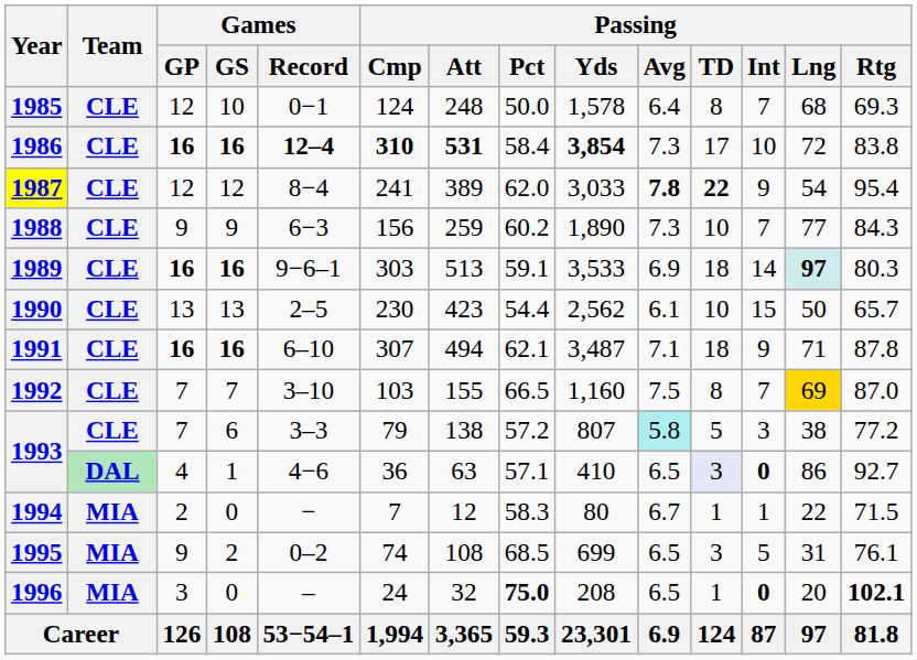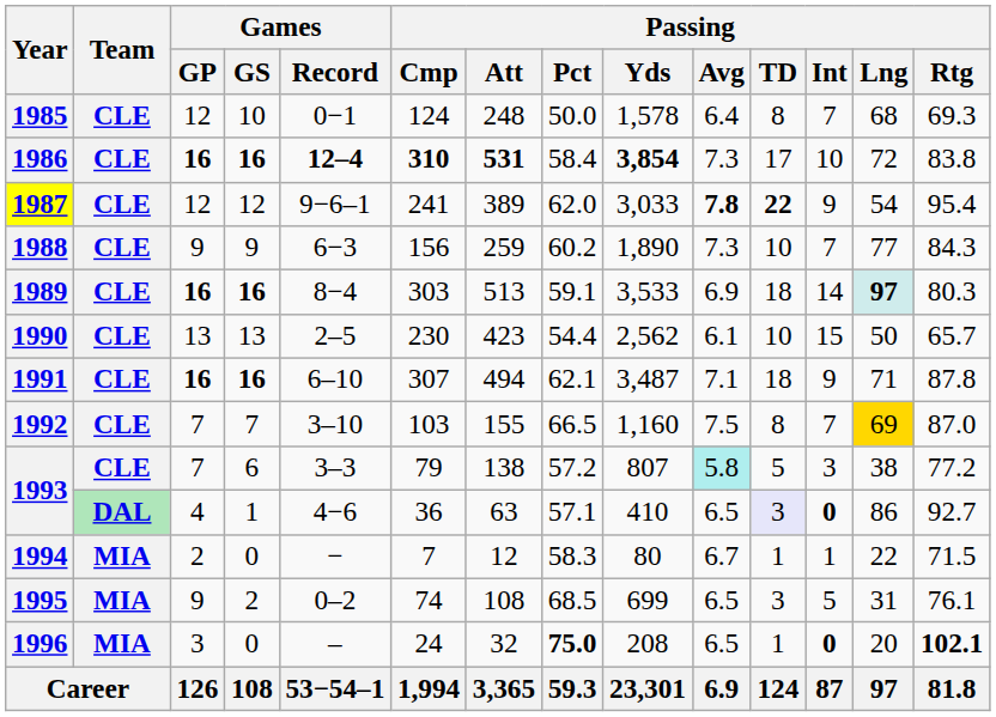 <table class="wikitable" style="text-align:center">
 <tr>
 <th rowspan="2">Year</th>
 <th rowspan="2">Team</th>
 <th colspan="3">Games</th>
 <th colspan="9">Passing</th>
 </tr>
 <tr>
 <th>GP</th>
 <th>GS</th>
 <th>Record</th>
 <th>Cmp</th>
 <th>Att</th>
 <th>Pct</th>
 <th>Yds</th>
 <th>Avg</th>
 <th>TD</th>
 <th>Int</th>
 <th>Lng</th>
 <th>Rtg</th>
 </tr>
 <tr>
 <th><a href='#'>1985</a></th>
 <th><a href='#'>CLE</a></th>
 <td>12</td>
 <td>10</td>
 <td>0−1</td>
 <td>124</td>
 <td>248</td>
 <td>50.0</td>
 <td>1,578</td>
 <td>6.4</td>
 <td>8</td>
 <td>7</td>
 <td>68</td>
 <td>69.3</td>
 </tr>
 <tr>
 <th><a href='#'>1986</a></th>
 <th><a href='#'>CLE</a></th>
 <td><strong>16</strong></td>
 <td><strong>16</strong></td>
 <td><strong>12–4</strong></td>
 <td><strong>310</strong></td>
 <td><strong>531</strong></td>
 <td>58.4</td>
 <td><strong>3,854</strong></td>
 <td>7.3</td>
 <td>17</td>
 <td>10</td>
 <td>72</td>
 <td>83.8</td>
 </tr>
 <tr>
 <th style="background:#ffff00"><a href='#'>1987</a></th>
 <th><a href='#'>CLE</a></th>
 <td>12</td>
 <td>12</td>
-<td>8−4</td>
+<td>9−6–1</td>
 <td>241</td>
 <td>389</td>
 <td>62.0</td>
 <td>3,033</td>
 <td><strong>7.8</strong></td>
 <td><strong>22</strong></td>
 <td>9</td>
 <td>54</td>
 <td>95.4</td>
 </tr>
 <tr>
 <th><a href='#'>1988</a></th>
 <th><a href='#'>CLE</a></th>
 <td>9</td>
 <td>9</td>
 <td>6−3</td>
 <td>156</td>
 <td>259</td>
 <td>60.2</td>
 <td>1,890</td>
 <td>7.3</td>
 <td>10</td>
 <td>7</td>
 <td>77</td>
 <td>84.3</td>
 </tr>
 <tr>
 <th><a href='#'>1989</a></th>
 <th><a href='#'>CLE</a></th>
 <td><strong>16</strong></td>
 <td><strong>16</strong></td>
-<td>9−6–1</td>
+<td>8−4</td>
 <td>303</td>
 <td>513</td>
 <td>59.1</td>
 <td>3,533</td>
 <td>6.9</td>
 <td>18</td>
 <td>14</td>
 <td style="background:#cfecec;"><strong>97</strong></td>
 <td>80.3</td>
 </tr>
 <tr>
 <th><a href='#'>1990</a></th>
 <th><a href='#'>CLE</a></th>
 <td>13</td>
 <td>13</td>
 <td>2–5</td>
 <td>230</td>
 <td>423</td>
 <td>54.4</td>
 <td>2,562</td>
 <td>6.1</td>
 <td>10</td>
 <td>15</td>
 <td>50</td>
 <td>65.7</td>
 </tr>
 <tr>
 <th><a href='#'>1991</a></th>
 <th><a href='#'>CLE</a></th>
 <td><strong>16</strong></td>
 <td><strong>16</strong></td>
 <td>6–10</td>
 <td>307</td>
 <td>494</td>
 <td>62.1</td>
 <td>3,487</td>
 <td>7.1</td>
 <td>18</td>
 <td>9</td>
 <td>71</td>
 <td>87.8</td>
 </tr>
 <tr>
 <th><a href='#'>1992</a></th>
 <th><a href='#'>CLE</a></th>
 <td>7</td>
 <td>7</td>
 <td>3–10</td>
 <td>103</td>
 <td>155</td>
 <td>66.5</td>
 <td>1,160</td>
 <td>7.5</td>
 <td>8</td>
 <td>7</td>
 <td style="background: gold;">69</td>
 <td>87.0</td>
 </tr>
 <tr>
 <th rowspan="2"><a href='#'>1993</a></th>
 <th><a href='#'>CLE</a></th>
 <td>7</td>
 <td>6</td>
 <td>3–3</td>
 <td>79</td>
 <td>138</td>
 <td>57.2</td>
 <td>807</td>
 <td style="background: paleturquoise;">5.8</td>
 <td>5</td>
 <td>3</td>
 <td>38</td>
 <td>77.2</td>
 </tr>
 <tr>
 <th style="background:#afe6ba; width:3em;"><a href='#'>DAL</a></th>
 <td>4</td>
 <td>1</td>
 <td>4−6</td>
 <td>36</td>
 <td>63</td>
 <td>57.1</td>
 <td>410</td>
 <td>6.5</td>
 <td style="background: lavender;">3</td>
 <td><strong>0</strong></td>
 <td>86</td>
 <td>92.7</td>
 </tr>
 <tr>
 <th><a href='#'>1994</a></th>
 <th><a href='#'>MIA</a></th>
 <td>2</td>
 <td>0</td>
 <td>−</td>
 <td>7</td>
 <td>12</td>
 <td>58.3</td>
 <td>80</td>
 <td>6.7</td>
 <td>1</td>
 <td>1</td>
 <td>22</td>
 <td>71.5</td>
 </tr>
 <tr>
 <th><a href='#'>1995</a></th>
 <th><a href='#'>MIA</a></th>
 <td>9</td>
 <td>2</td>
 <td>0–2</td>
 <td>74</td>
 <td>108</td>
 <td>68.5</td>
 <td>699</td>
 <td>6.5</td>
 <td>3</td>
 <td>5</td>
 <td>31</td>
 <td>76.1</td>
 </tr>
 <tr>
 <th><a href='#'>1996</a></th>
 <th><a href='#'>MIA</a></th>
 <td>3</td>
 <td>0</td>
 <td>–</td>
 <td>24</td>
 <td>32</td>
 <td><strong>75.0</strong></td>
 <td>208</td>
 <td>6.5</td>
 <td>1</td>
 <td><strong>0</strong></td>
 <td>20</td>
 <td><strong>102.1</strong></td>
 </tr>
 <tr>
 <th colspan="2">Career</th>
 <th>126</th>
 <th>108</th>
 <th>53−54–1</th>
 <th>1,994</th>
 <th>3,365</th>
 <th>59.3</th>
 <th>23,301</th>
 <th>6.9</th>
 <th>124</th>
 <th>87</th>
 <th>97</th>
 <th>81.8</th>
 </tr>
 </table>
